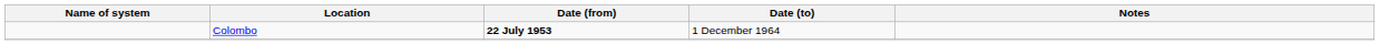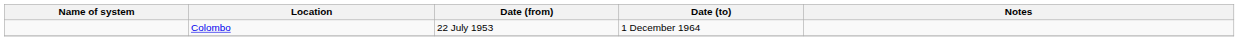 <table class="wikitable" width=100%>
 <tr>
 <th width=15%>Name of system</th>
 <th width=20%>Location</th>
 <th width=15%>Date (from)</th>
 <th width=15%>Date (to)</th>
 <th width=35%>Notes</th>
 </tr>
 <tr>
 <td> </td>
 <td><a href='#'>Colombo</a></td>
-<td><strong>22 July 1953</strong></td>
+<td>22 July 1953</td>
 <td>1 December 1964</td>
 <td> </td>
 </tr>
 <tr>
 </tr>
 </table>
